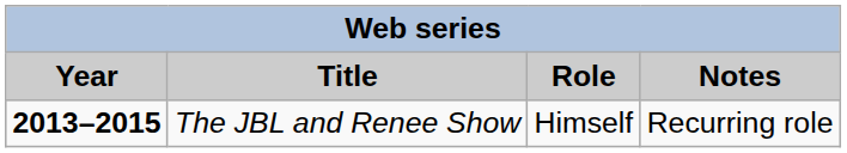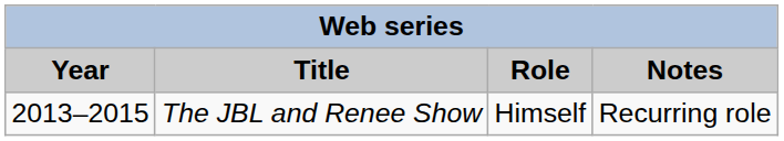 <table class="wikitable">
 <tr style="text-align:center;">
 <th colspan=4 style="background:#B0C4DE;">Web series</th>
 </tr>
 <tr style="text-align:center;">
 <th style="background:#ccc;">Year</th>
 <th style="background:#ccc;">Title</th>
 <th style="background:#ccc;">Role</th>
 <th style="background:#ccc;">Notes</th>
 </tr>
 <tr>
-<td><strong>2013–2015</strong></td>
+<td>2013–2015</td>
 <td><em>The JBL and Renee Show</em></td>
 <td>Himself</td>
 <td>Recurring role</td>
 </tr>
 </table>
